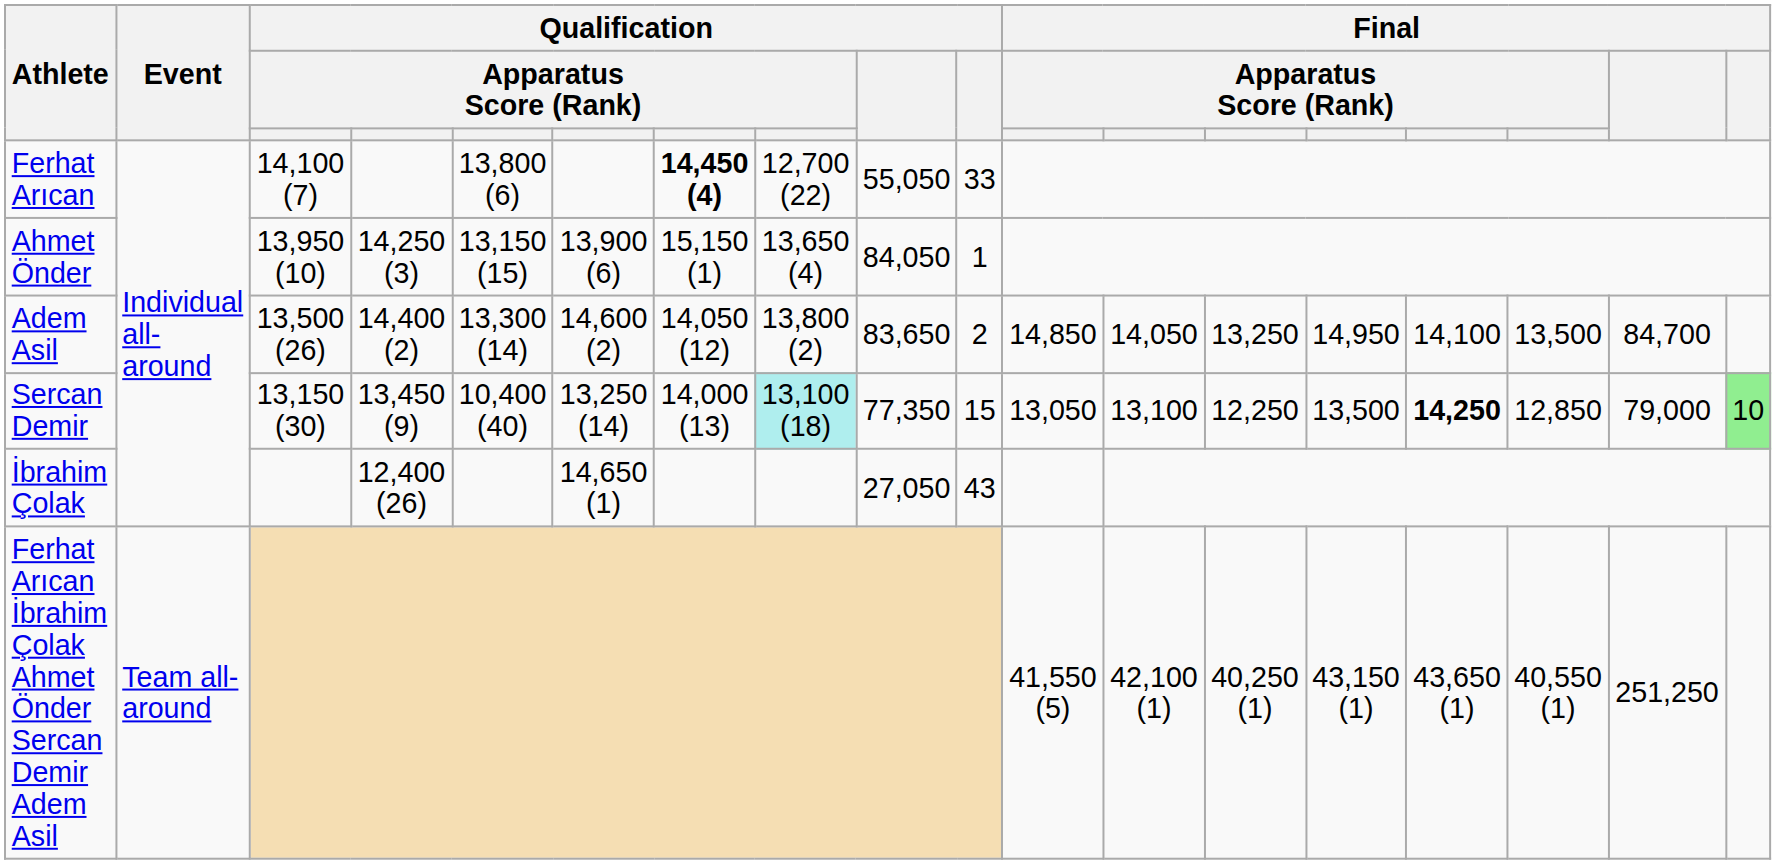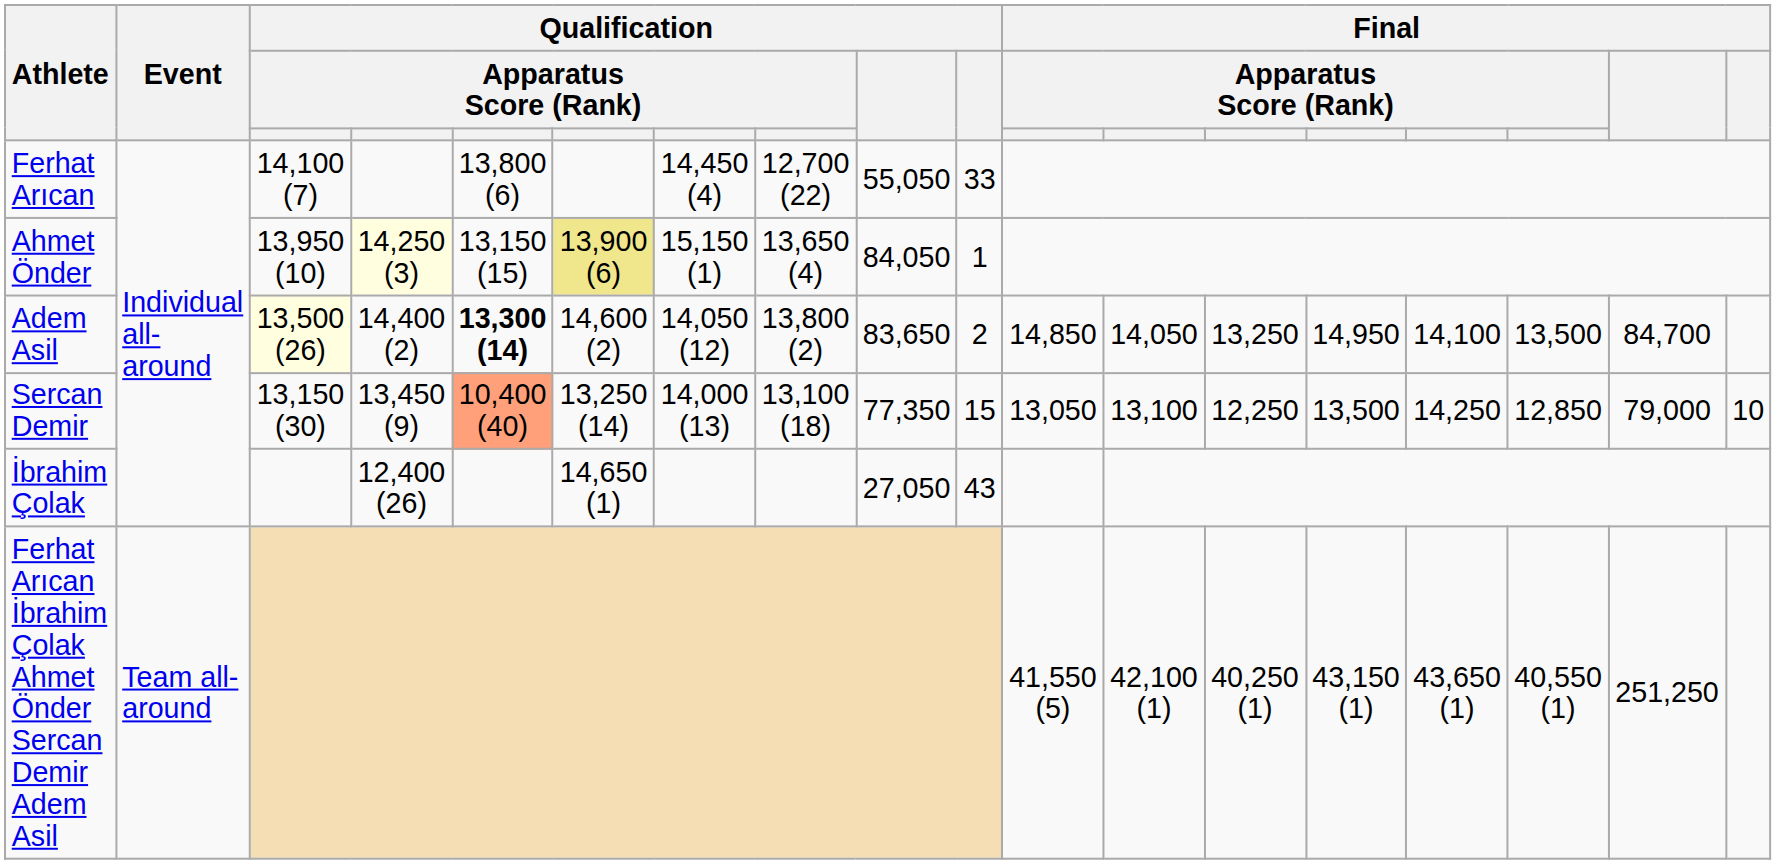 <table class=wikitable style="font-size:90%; text-align:center">
 <tr>
 <th rowspan=3>Athlete</th>
 <th rowspan=3>Event</th>
 <th colspan=8>Qualification</th>
 <th colspan=8>Final</th>
 </tr>
 <tr>
 <th colspan=6>Apparatus<br>Score (Rank)</th>
 <th rowspan=2></th>
 <th rowspan=2></th>
 <th colspan=6>Apparatus<br>Score (Rank)</th>
 <th rowspan=2></th>
 <th rowspan=2></th>
 </tr>
 <tr>
 <th></th>
 <th></th>
 <th></th>
 <th></th>
 <th></th>
 <th></th>
 <th></th>
 <th></th>
 <th></th>
 <th></th>
 <th></th>
 <th></th>
 </tr>
 <tr>
 <td align=left><a href='#'>Ferhat Arıcan</a></td>
 <td align=left rowspan=5><a href='#'>Individual all-around</a></td>
 <td>14,100 (7)</td>
 <td></td>
 <td>13,800 (6)</td>
 <td></td>
-<td><strong>14,450 (4)</strong></td>
+<td>14,450 (4)</td>
 <td>12,700 (22)</td>
 <td>55,050</td>
 <td>33</td>
 <td colspan=8></td>
 </tr>
 <tr>
 <td align=left><a href='#'>Ahmet Önder</a></td>
 <td>13,950 (10)</td>
-<td>14,250 (3)</td>
+<td style="background: lightyellow;">14,250 (3)</td>
 <td>13,150 (15)</td>
-<td>13,900 (6)</td>
+<td style="background: khaki;">13,900 (6)</td>
 <td>15,150 (1)</td>
 <td>13,650 (4)</td>
 <td>84,050</td>
 <td>1</td>
 <td colspan=8></td>
 </tr>
 <tr>
 <td align=left><a href='#'>Adem Asil</a></td>
-<td>13,500 (26)</td>
+<td style="background: lightyellow;">13,500 (26)</td>
 <td>14,400 (2)</td>
-<td>13,300 (14)</td>
+<td><strong>13,300 (14)</strong></td>
 <td>14,600 (2)</td>
 <td>14,050 (12)</td>
 <td>13,800 (2)</td>
 <td>83,650</td>
 <td>2</td>
 <td>14,850</td>
 <td>14,050</td>
 <td>13,250</td>
 <td>14,950</td>
 <td>14,100</td>
 <td>13,500</td>
 <td>84,700</td>
 <td></td>
 </tr>
 <tr>
 <td align=left><a href='#'>Sercan Demir</a></td>
 <td>13,150 (30)</td>
 <td>13,450 (9)</td>
-<td>10,400 (40)</td>
+<td style="background: lightsalmon;">10,400 (40)</td>
 <td>13,250 (14)</td>
 <td>14,000 (13)</td>
-<td style="background: paleturquoise;">13,100 (18)</td>
+<td>13,100 (18)</td>
 <td>77,350</td>
 <td>15</td>
 <td>13,050</td>
 <td>13,100</td>
 <td>12,250</td>
 <td>13,500</td>
-<td><strong>14,250</strong></td>
+<td>14,250</td>
 <td>12,850</td>
 <td>79,000</td>
-<td style="background: lightgreen;">10</td>
+<td>10</td>
 </tr>
 <tr>
 <td align=left><a href='#'>İbrahim Çolak</a></td>
 <td></td>
 <td>12,400 (26)</td>
 <td></td>
 <td>14,650 (1)</td>
 <td></td>
 <td></td>
 <td>27,050</td>
 <td>43</td>
 <td></td>
 </tr>
 <tr>
 <td align=left><a href='#'>Ferhat Arıcan</a><br><a href='#'>İbrahim Çolak</a><br><a href='#'>Ahmet Önder</a><br><a href='#'>Sercan Demir</a><br><a href='#'>Adem Asil</a></td>
 <td align=left><a href='#'>Team all-around</a></td>
 <td colspan=8 bgcolor=wheat></td>
 <td>41,550 (5)</td>
 <td>42,100 (1)</td>
 <td>40,250 (1)</td>
 <td>43,150 (1)</td>
 <td>43,650 (1)</td>
 <td>40,550 (1)</td>
 <td>251,250</td>
 <td></td>
 </tr>
 </table>
